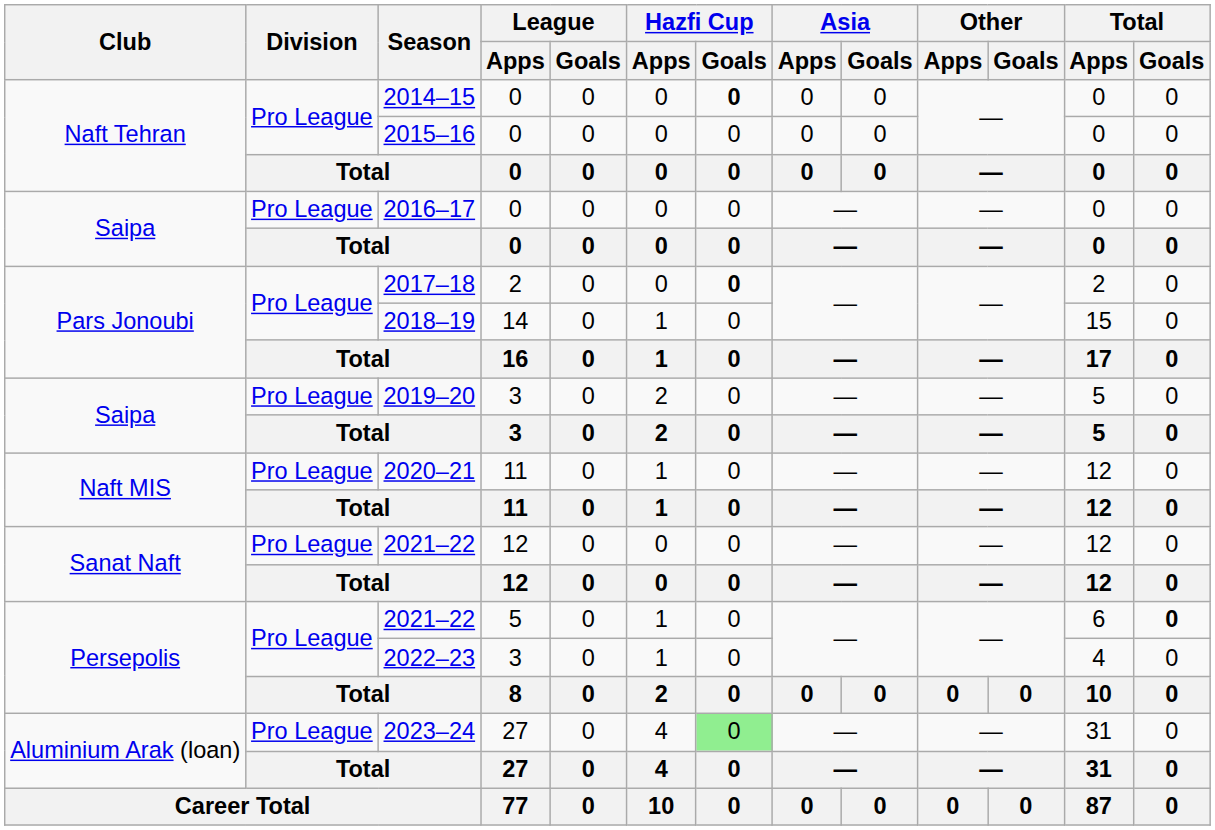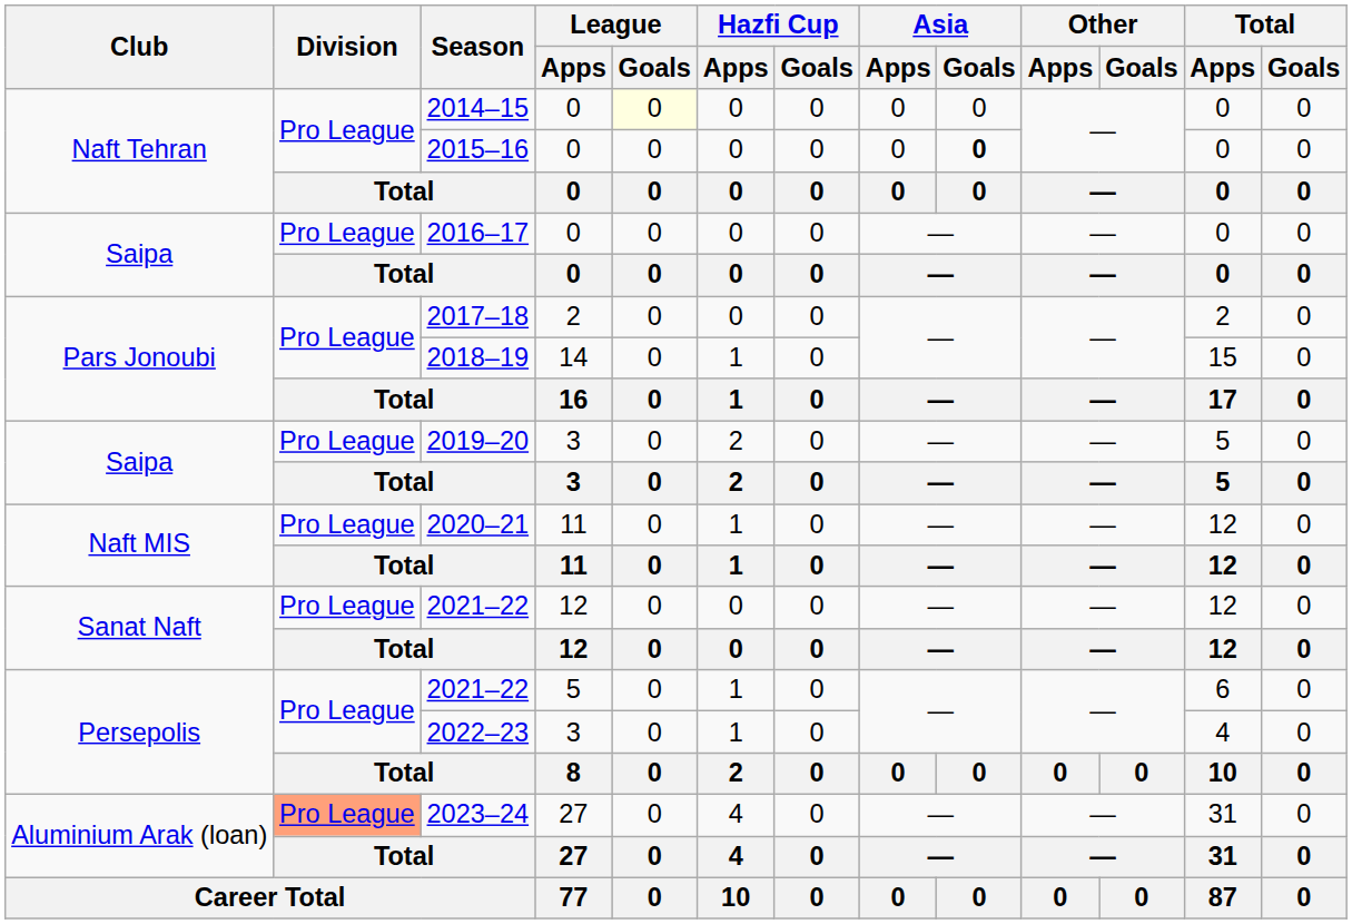 <table class="wikitable" style="text-align: center;">
 <tr>
 <th rowspan=2>Club</th>
 <th rowspan=2>Division</th>
 <th rowspan=2>Season</th>
 <th colspan=2>League</th>
 <th colspan=2><a href='#'>Hazfi Cup</a></th>
 <th colspan=2><a href='#'>Asia</a></th>
 <th colspan=2>Other</th>
 <th colspan=2>Total</th>
 </tr>
 <tr>
 <th>Apps</th>
 <th>Goals</th>
 <th>Apps</th>
 <th>Goals</th>
 <th>Apps</th>
 <th>Goals</th>
 <th>Apps</th>
 <th>Goals</th>
 <th>Apps</th>
 <th>Goals</th>
 </tr>
 <tr>
 <td rowspan="3"><a href='#'>Naft Tehran</a></td>
 <td rowspan="2"><a href='#'>Pro League</a></td>
 <td><a href='#'>2014–15</a></td>
 <td>0</td>
+<td style="background: lightyellow;">0</td>
 <td>0</td>
 <td>0</td>
-<td><strong>0</strong></td>
 <td>0</td>
 <td>0</td>
 <td colspan="2" rowspan="2">—</td>
 <td>0</td>
 <td>0</td>
 </tr>
 <tr>
 <td><a href='#'>2015–16</a></td>
 <td>0</td>
 <td>0</td>
 <td>0</td>
 <td>0</td>
 <td>0</td>
-<td>0</td>
+<td><strong>0</strong></td>
 <td>0</td>
 <td>0</td>
 </tr>
 <tr>
 <th colspan=2>Total</th>
 <th>0</th>
 <th>0</th>
 <th>0</th>
 <th>0</th>
 <th>0</th>
 <th>0</th>
 <th colspan=2>—</th>
 <th>0</th>
 <th>0</th>
 </tr>
 <tr>
 <td rowspan="2"><a href='#'>Saipa</a></td>
 <td rowspan="1"><a href='#'>Pro League</a></td>
 <td><a href='#'>2016–17</a></td>
 <td>0</td>
 <td>0</td>
 <td>0</td>
 <td>0</td>
 <td colspan=2>—</td>
 <td colspan=2>—</td>
 <td>0</td>
 <td>0</td>
 </tr>
 <tr>
 <th colspan=2>Total</th>
 <th>0</th>
 <th>0</th>
 <th>0</th>
 <th>0</th>
 <th colspan=2>—</th>
 <th colspan=2>—</th>
 <th>0</th>
 <th>0</th>
 </tr>
 <tr>
 <td rowspan="3"><a href='#'>Pars Jonoubi</a></td>
 <td rowspan="2"><a href='#'>Pro League</a></td>
 <td><a href='#'>2017–18</a></td>
 <td>2</td>
 <td>0</td>
 <td>0</td>
-<td><strong>0</strong></td>
+<td>0</td>
 <td colspan="2" rowspan="2">—</td>
 <td colspan="2" rowspan="2">—</td>
 <td>2</td>
 <td>0</td>
 </tr>
 <tr>
 <td><a href='#'>2018–19</a></td>
 <td>14</td>
 <td>0</td>
 <td>1</td>
 <td>0</td>
 <td>15</td>
 <td>0</td>
 </tr>
 <tr>
 <th colspan=2>Total</th>
 <th>16</th>
 <th>0</th>
 <th>1</th>
 <th>0</th>
 <th colspan=2>—</th>
 <th colspan=2>—</th>
 <th>17</th>
 <th>0</th>
 </tr>
 <tr>
 <td rowspan="2"><a href='#'>Saipa</a></td>
 <td rowspan="1"><a href='#'>Pro League</a></td>
 <td><a href='#'>2019–20</a></td>
 <td>3</td>
 <td>0</td>
 <td>2</td>
 <td>0</td>
 <td colspan=2>—</td>
 <td colspan=2>—</td>
 <td>5</td>
 <td>0</td>
 </tr>
 <tr>
 <th colspan=2>Total</th>
 <th>3</th>
 <th>0</th>
 <th>2</th>
 <th>0</th>
 <th colspan=2>—</th>
 <th colspan=2>—</th>
 <th>5</th>
 <th>0</th>
 </tr>
 <tr>
 <td rowspan="2"><a href='#'>Naft MIS</a></td>
 <td rowspan="1"><a href='#'>Pro League</a></td>
 <td><a href='#'>2020–21</a></td>
 <td>11</td>
 <td>0</td>
 <td>1</td>
 <td>0</td>
 <td colspan=2>—</td>
 <td colspan=2>—</td>
 <td>12</td>
 <td>0</td>
 </tr>
 <tr>
 <th colspan=2>Total</th>
 <th>11</th>
 <th>0</th>
 <th>1</th>
 <th>0</th>
 <th colspan=2>—</th>
 <th colspan=2>—</th>
 <th>12</th>
 <th>0</th>
 </tr>
 <tr>
 <td rowspan="2"><a href='#'>Sanat Naft</a></td>
 <td rowspan="1"><a href='#'>Pro League</a></td>
 <td><a href='#'>2021–22</a></td>
 <td>12</td>
 <td>0</td>
 <td>0</td>
 <td>0</td>
 <td colspan=2>—</td>
 <td colspan=2>—</td>
 <td>12</td>
 <td>0</td>
 </tr>
 <tr>
 <th colspan=2>Total</th>
 <th>12</th>
 <th>0</th>
 <th>0</th>
 <th>0</th>
 <th colspan=2>—</th>
 <th colspan=2>—</th>
 <th>12</th>
 <th>0</th>
 </tr>
 <tr>
 <td rowspan="3"><a href='#'>Persepolis</a></td>
 <td rowspan="2"><a href='#'>Pro League</a></td>
 <td><a href='#'>2021–22</a></td>
 <td>5</td>
 <td>0</td>
 <td>1</td>
 <td>0</td>
 <td colspan="2" rowspan="2">—</td>
 <td colspan="2" rowspan="2">—</td>
 <td>6</td>
-<td><strong>0</strong></td>
+<td>0</td>
 </tr>
 <tr>
 <td><a href='#'>2022–23</a></td>
 <td>3</td>
 <td>0</td>
 <td>1</td>
 <td>0</td>
 <td>4</td>
 <td>0</td>
 </tr>
 <tr>
 <th colspan=2>Total</th>
 <th>8</th>
 <th>0</th>
 <th>2</th>
 <th>0</th>
 <th>0</th>
 <th>0</th>
 <th>0</th>
 <th>0</th>
 <th>10</th>
 <th>0</th>
 </tr>
 <tr>
 <td rowspan="2"><a href='#'>Aluminium Arak</a> (loan)</td>
-<td rowspan="1"><a href='#'>Pro League</a></td>
+<td rowspan="1" style="background: lightsalmon;"><a href='#'>Pro League</a></td>
 <td><a href='#'>2023–24</a></td>
 <td>27</td>
 <td>0</td>
 <td>4</td>
-<td style="background: lightgreen;">0</td>
+<td>0</td>
 <td colspan=2>—</td>
 <td colspan=2>—</td>
 <td>31</td>
 <td>0</td>
 </tr>
 <tr>
 <th colspan=2>Total</th>
 <th>27</th>
 <th>0</th>
 <th>4</th>
 <th>0</th>
 <th colspan=2>—</th>
 <th colspan=2>—</th>
 <th>31</th>
 <th>0</th>
 </tr>
 <tr>
 <th colspan="3">Career Total</th>
 <th>77</th>
 <th>0</th>
 <th>10</th>
 <th>0</th>
 <th>0</th>
 <th>0</th>
 <th>0</th>
 <th>0</th>
 <th>87</th>
 <th>0</th>
 </tr>
 </table>
